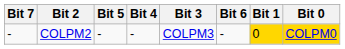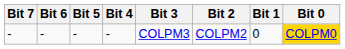 <table class="wikitable">
 <tr>
 <th>Bit 7</th>
-<th>Bit 2</th>
+<th>Bit 6</th>
 <th>Bit 5</th>
 <th>Bit 4</th>
 <th>Bit 3</th>
-<th>Bit 6</th>
+<th>Bit 2</th>
 <th>Bit 1</th>
 <th>Bit 0</th>
 </tr>
 <tr>
 <td>-</td>
-<td><a href='#'>COLPM2</a></td>
+<td>-</td>
 <td>-</td>
 <td>-</td>
 <td><a href='#'>COLPM3</a></td>
-<td>-</td>
-<td style="background: gold;">0</td>
+<td><a href='#'>COLPM2</a></td>
+<td>0</td>
 <td style="background: gold;"><a href='#'>COLPM0</a></td>
 </tr>
 </table>
